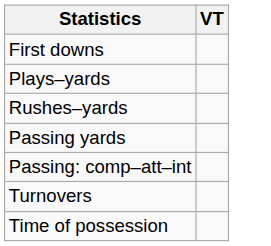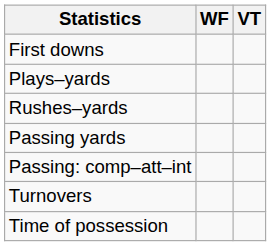 <table class="wikitable" style="float:left">
 <tr>
 <th>Statistics</th>
+<th>WF</th>
 <th>VT</th>
 </tr>
 <tr>
 <td>First downs</td>
 <td></td>
+<td></td>
 </tr>
 <tr>
 <td>Plays–yards</td>
+<td></td>
 <td></td>
 </tr>
 <tr>
 <td>Rushes–yards</td>
 <td></td>
+<td></td>
 </tr>
 <tr>
 <td>Passing yards</td>
+<td></td>
 <td></td>
 </tr>
 <tr>
 <td>Passing: comp–att–int</td>
 <td></td>
+<td></td>
 </tr>
 <tr>
 <td>Turnovers</td>
+<td></td>
 <td></td>
 </tr>
 <tr>
 <td>Time of possession</td>
 <td></td>
+<td></td>
 </tr>
 </table>
